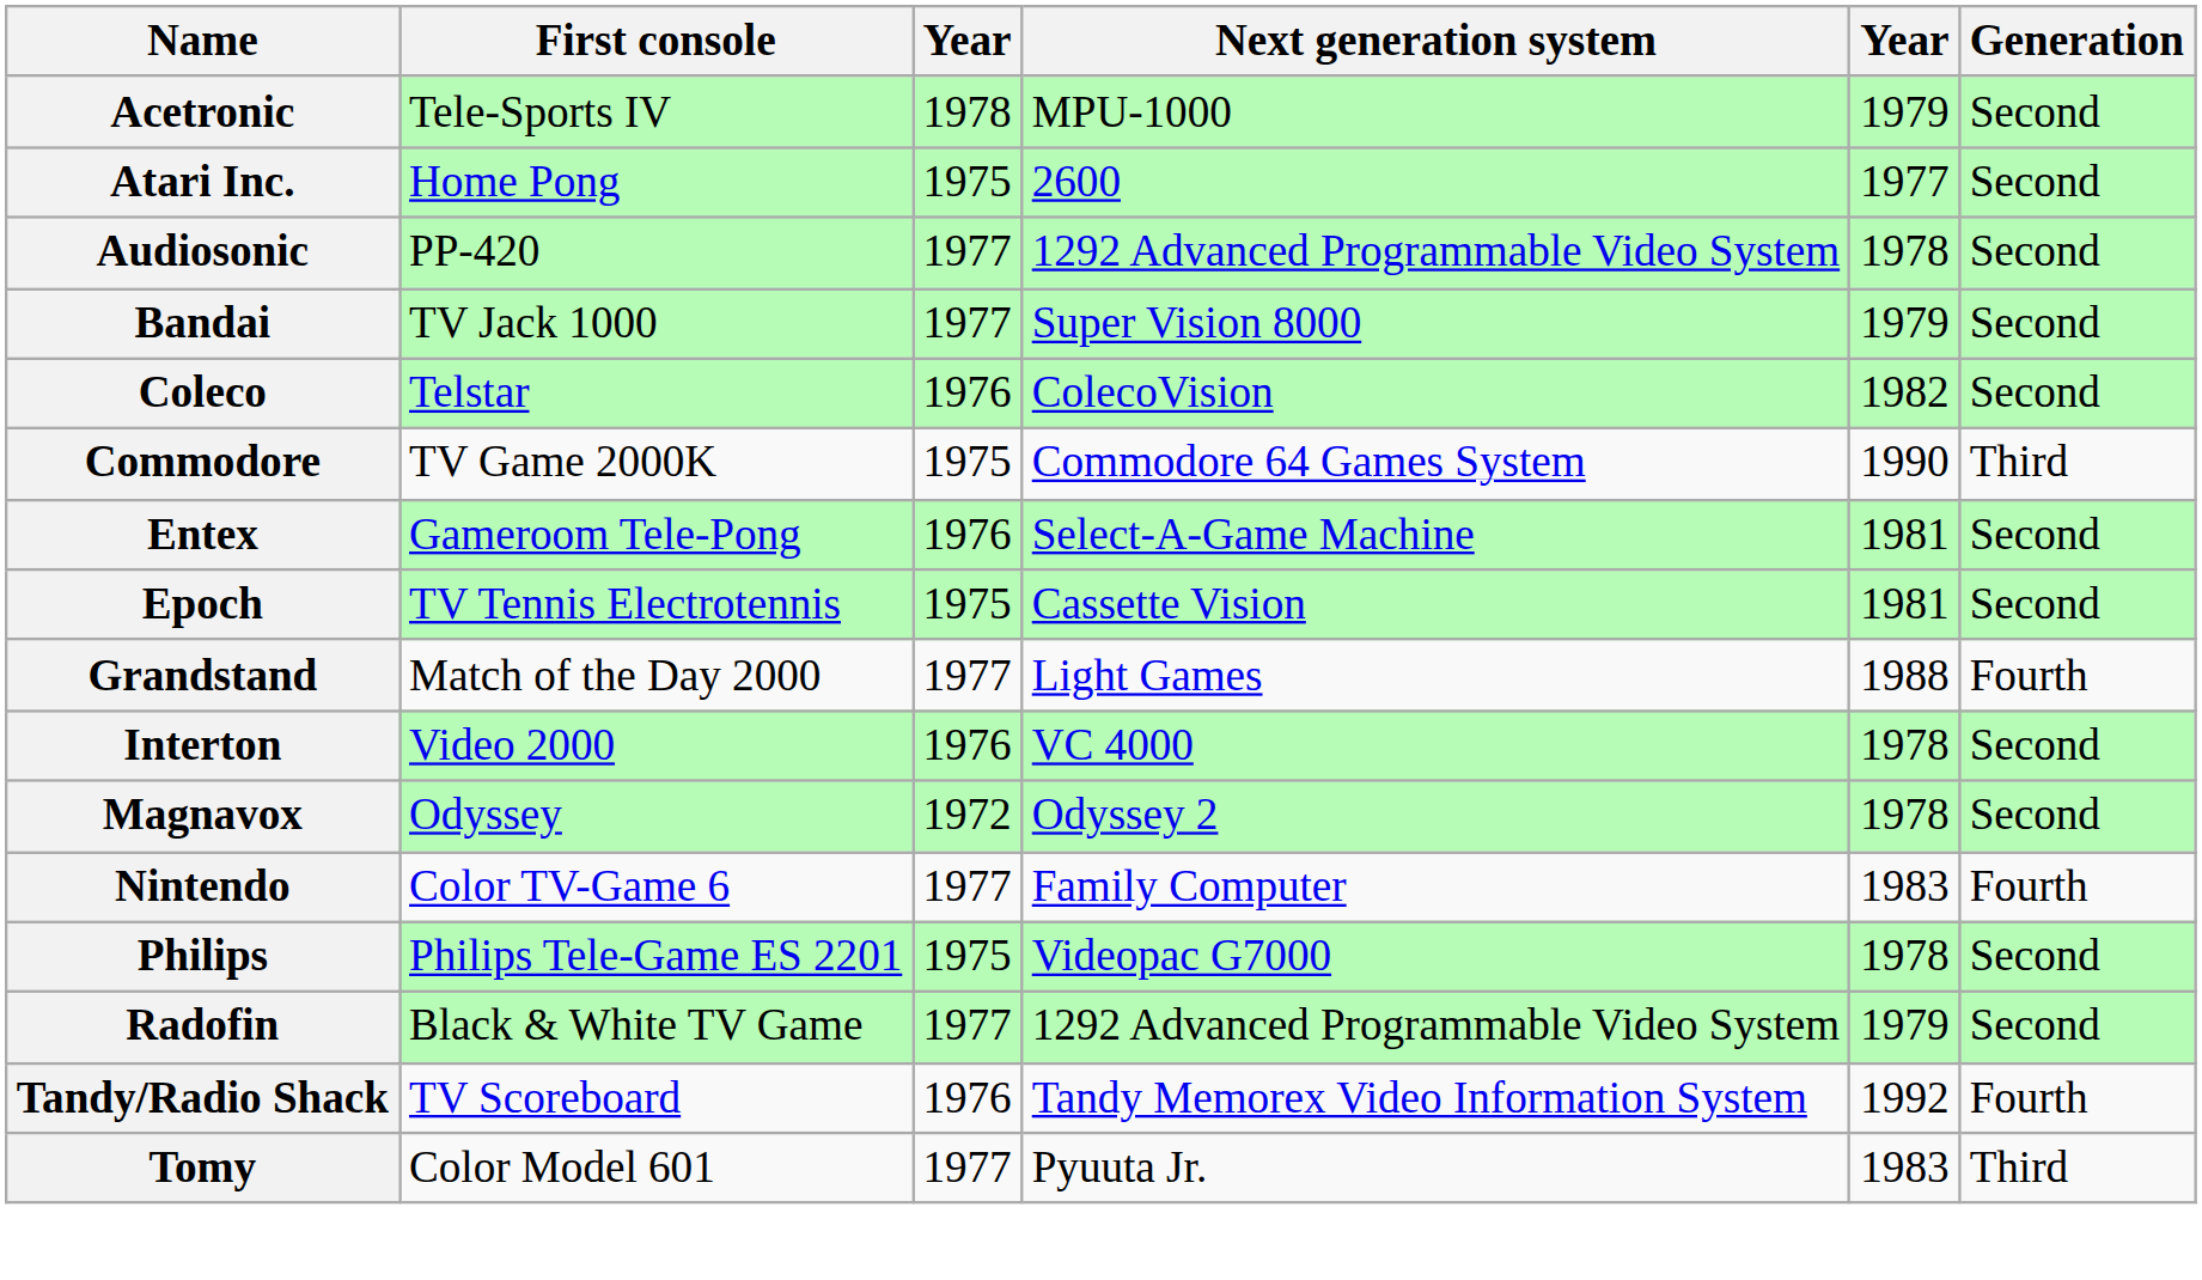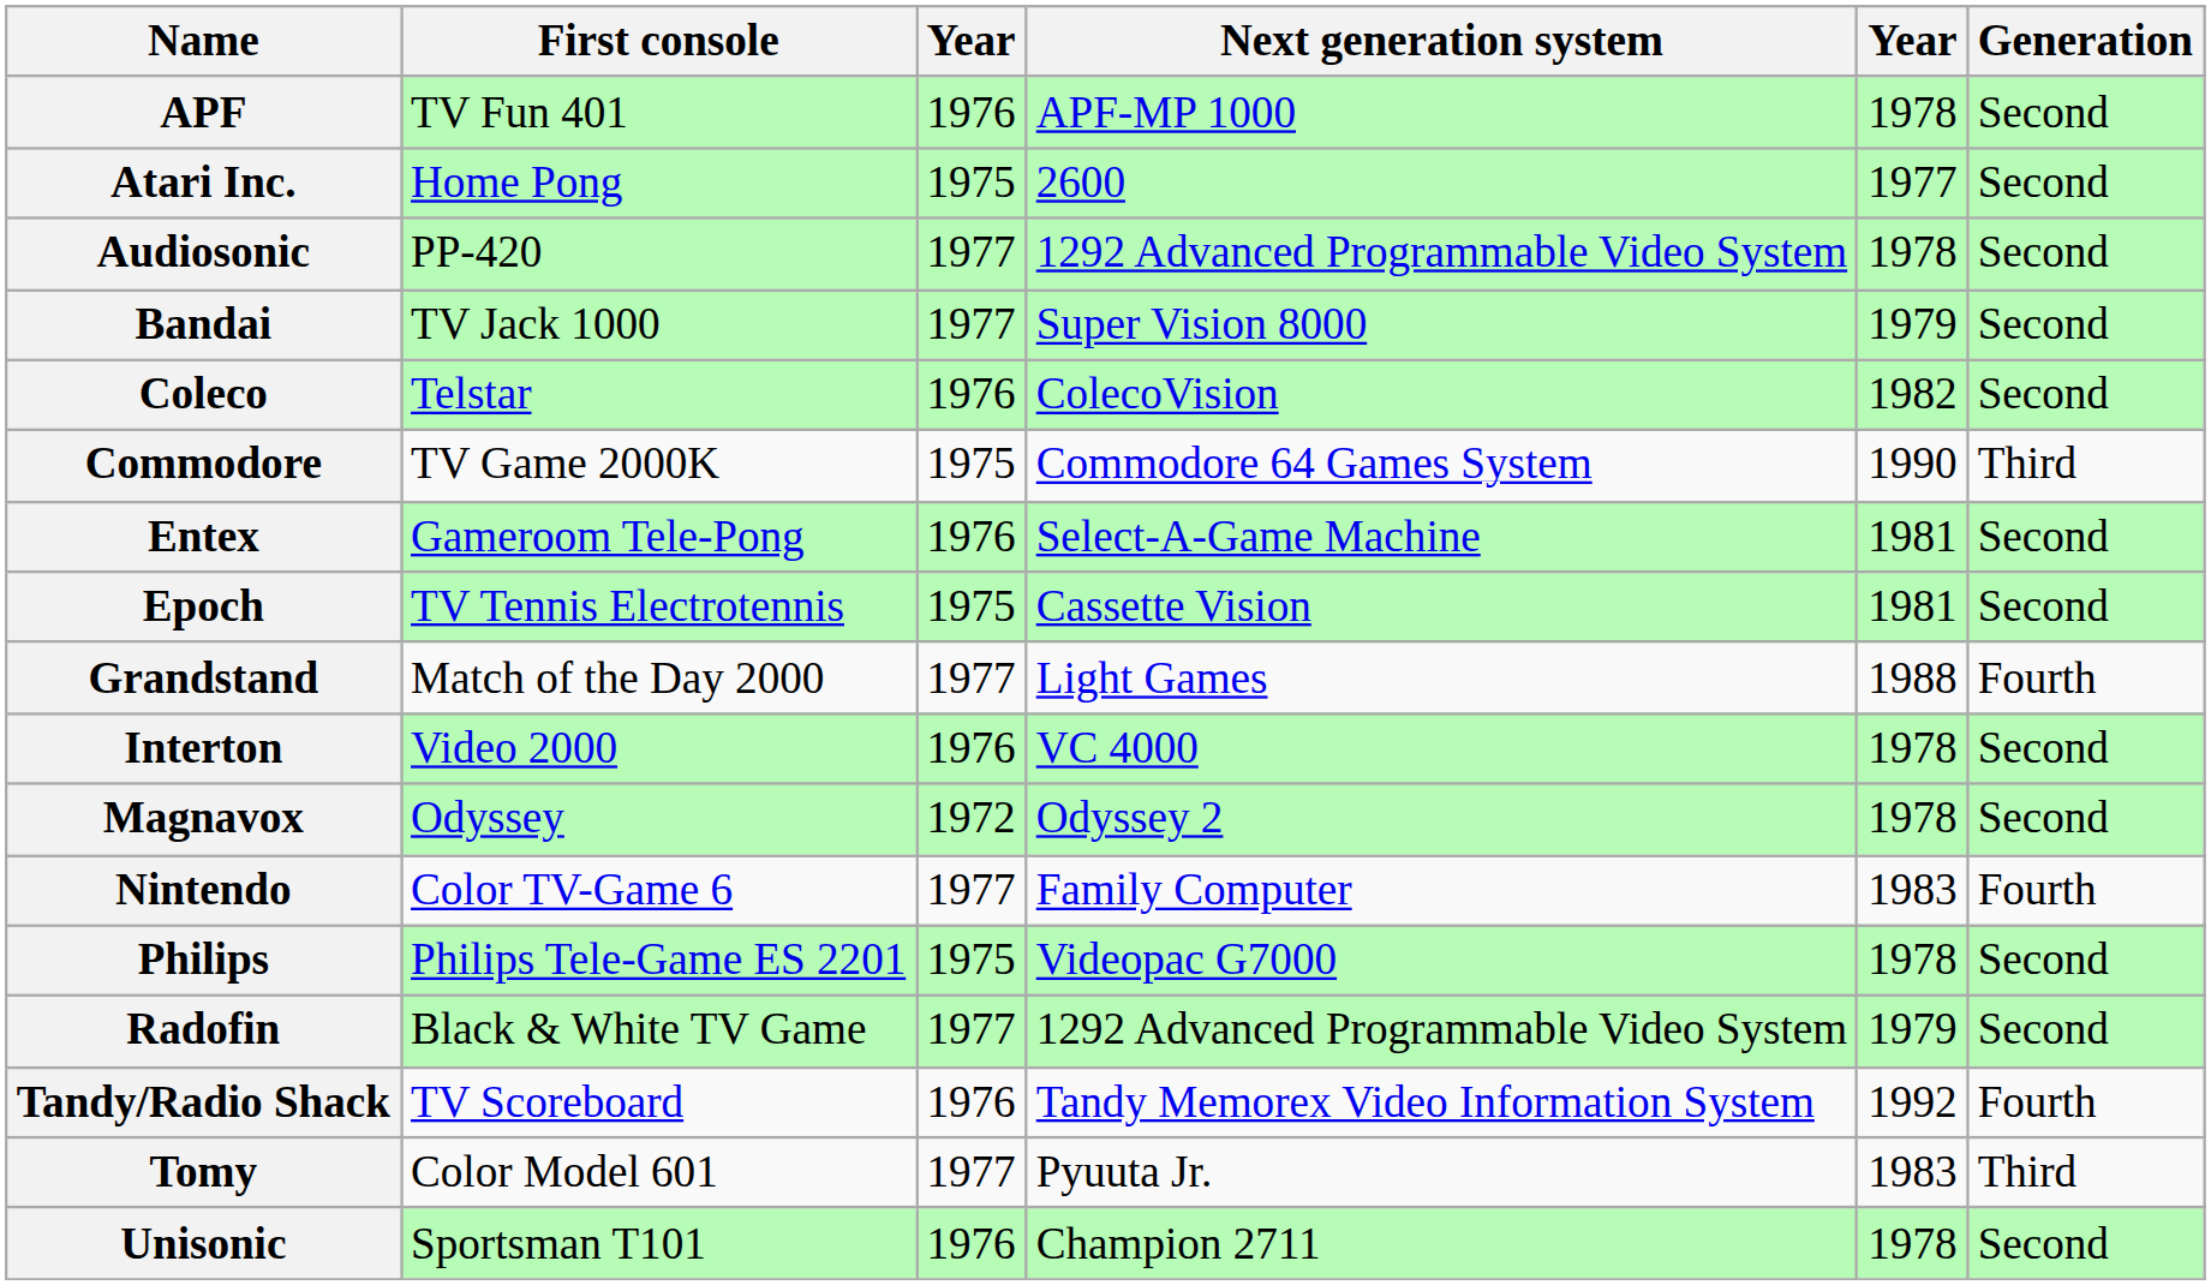 <table class="wikitable sortable" id="genonebrands">
 <tr>
 <th>Name</th>
 <th>First console</th>
 <th>Year</th>
 <th>Next generation system</th>
 <th>Year</th>
 <th>Generation</th>
 </tr>
 <tr>
-<th scope="row">Acetronic</th>
-<td style="background:#b6fcb6;">Tele-Sports IV</td>
+<th scope="row">APF</th>
+<td style="background:#b6fcb6;">TV Fun 401</td>
+<td style="background:#b6fcb6;">1976</td>
+<td style="background:#b6fcb6;"><a href='#'>APF-MP 1000</a></td>
 <td style="background:#b6fcb6;">1978</td>
-<td style="background:#b6fcb6;">MPU-1000</td>
-<td style="background:#b6fcb6;">1979</td>
 <td style="background:#b6fcb6;">Second</td>
 </tr>
 <tr>
 <th scope="row">Atari Inc.</th>
 <td style="background:#b6fcb6;"><a href='#'>Home Pong</a></td>
 <td style="background:#b6fcb6;">1975</td>
 <td style="background:#b6fcb6;"><a href='#'>2600</a></td>
 <td style="background:#b6fcb6;">1977</td>
 <td style="background:#b6fcb6;">Second</td>
 </tr>
 <tr>
 <th>Audiosonic</th>
 <td style="background:#b6fcb6;">PP-420</td>
 <td style="background:#b6fcb6;">1977</td>
 <td style="background:#b6fcb6;"><a href='#'>1292 Advanced Programmable Video System</a></td>
 <td style="background:#b6fcb6;">1978</td>
 <td style="background:#b6fcb6;">Second</td>
 </tr>
 <tr>
 <th scope="row">Bandai</th>
 <td style="background:#b6fcb6;">TV Jack 1000</td>
 <td style="background:#b6fcb6;">1977</td>
 <td style="background:#b6fcb6;"><a href='#'>Super Vision 8000</a></td>
 <td style="background:#b6fcb6;">1979</td>
 <td style="background:#b6fcb6;">Second</td>
 </tr>
 <tr>
 <th scope="row">Coleco</th>
 <td style="background:#b6fcb6;"><a href='#'>Telstar</a></td>
 <td style="background:#b6fcb6;">1976</td>
 <td style="background:#b6fcb6;"><a href='#'>ColecoVision</a></td>
 <td style="background:#b6fcb6;">1982</td>
 <td style="background:#b6fcb6;">Second</td>
 </tr>
 <tr>
 <th scope="row">Commodore</th>
 <td>TV Game 2000K</td>
 <td>1975</td>
 <td><a href='#'>Commodore 64 Games System</a></td>
 <td>1990</td>
 <td>Third</td>
 </tr>
 <tr>
 <th scope="row">Entex</th>
 <td style="background:#b6fcb6;"><a href='#'>Gameroom Tele-Pong</a></td>
 <td style="background:#b6fcb6;">1976</td>
 <td style="background:#b6fcb6;"><a href='#'>Select-A-Game Machine</a></td>
 <td style="background:#b6fcb6;">1981</td>
 <td style="background:#b6fcb6;">Second</td>
 </tr>
 <tr>
 <th scope="row">Epoch</th>
 <td style="background:#b6fcb6;"><a href='#'>TV Tennis Electrotennis</a></td>
 <td style="background:#b6fcb6;">1975</td>
 <td style="background:#b6fcb6;"><a href='#'>Cassette Vision</a></td>
 <td style="background:#b6fcb6;">1981</td>
 <td style="background:#b6fcb6;">Second</td>
 </tr>
 <tr>
 <th scope="row">Grandstand</th>
 <td>Match of the Day 2000</td>
 <td>1977</td>
 <td><a href='#'>Light Games</a></td>
 <td>1988</td>
 <td>Fourth</td>
 </tr>
 <tr>
 <th scope="row">Interton</th>
 <td style="background:#b6fcb6;"><a href='#'>Video 2000</a></td>
 <td style="background:#b6fcb6;">1976</td>
 <td style="background:#b6fcb6;"><a href='#'>VC 4000</a></td>
 <td style="background:#b6fcb6;">1978</td>
 <td style="background:#b6fcb6;">Second</td>
 </tr>
 <tr>
 <th scope="row">Magnavox</th>
 <td style="background:#b6fcb6;"><a href='#'>Odyssey</a></td>
 <td style="background:#b6fcb6;">1972</td>
 <td style="background:#b6fcb6;"><a href='#'>Odyssey 2</a></td>
 <td style="background:#b6fcb6;">1978</td>
 <td style="background:#b6fcb6;">Second</td>
 </tr>
 <tr>
 <th scope="row">Nintendo</th>
 <td><a href='#'>Color TV-Game 6</a></td>
 <td>1977</td>
 <td><a href='#'>Family Computer</a></td>
 <td>1983</td>
 <td>Fourth</td>
 </tr>
 <tr>
 <th scope="row">Philips</th>
 <td style="background:#b6fcb6;"><a href='#'>Philips Tele-Game ES 2201</a></td>
 <td style="background:#b6fcb6;">1975</td>
 <td style="background:#b6fcb6;"><a href='#'>Videopac G7000</a></td>
 <td style="background:#b6fcb6;">1978</td>
 <td style="background:#b6fcb6;">Second</td>
 </tr>
 <tr>
 <th scope="row">Radofin</th>
 <td style="background:#b6fcb6;">Black & White TV Game</td>
 <td style="background:#b6fcb6;">1977</td>
 <td style="background:#b6fcb6;">1292 Advanced Programmable Video System</td>
 <td style="background:#b6fcb6;">1979</td>
 <td style="background:#b6fcb6;">Second</td>
 </tr>
 <tr>
 <th scope="row">Tandy/Radio Shack</th>
 <td><a href='#'>TV Scoreboard</a></td>
 <td>1976</td>
 <td><a href='#'>Tandy Memorex Video Information System</a></td>
 <td>1992</td>
 <td>Fourth</td>
 </tr>
 <tr>
 <th scope="row">Tomy</th>
 <td>Color Model 601</td>
 <td>1977</td>
 <td>Pyuuta Jr.</td>
 <td>1983</td>
 <td>Third</td>
 </tr>
+<tr>
+<th scope="row">Unisonic</th>
+<td style="background:#b6fcb6;">Sportsman T101</td>
+<td style="background:#b6fcb6;">1976</td>
+<td style="background:#b6fcb6;">Champion 2711</td>
+<td style="background:#b6fcb6;">1978</td>
+<td style="background:#b6fcb6;">Second</td>
+</tr>
 </table>
